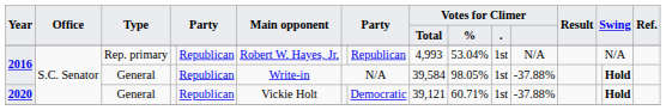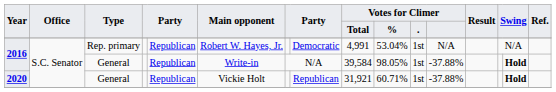 <table class="wikitable" style="font-size: 90%; text-align:center;">
 <tr>
 <th style="background-color:#EAECF0;" rowspan=2>Year</th>
 <th style="background-color:#EAECF0;" rowspan=2>Office</th>
 <th style="background-color:#EAECF0;" rowspan=2>Type</th>
 <th style="background-color:#EAECF0;" colspan=2 rowspan=2>Party</th>
 <th style="background-color:#EAECF0;" rowspan=2>Main opponent</th>
 <th style="background-color:#EAECF0;" colspan=2 rowspan=2>Party</th>
 <th style="background-color:#EAECF0;" colspan=4>Votes for Climer</th>
 <th style="background-color:#EAECF0;" rowspan=2>Result</th>
 <th style="background-color:#EAECF0;" colspan=2 rowspan=2><a href='#'>Swing</a></th>
 <th style="background-color:#EAECF0;" colspan=2 rowspan=2>Ref.</th>
 </tr>
 <tr>
 <th style="background-color:#EAECF0;">Total</th>
 <th style="background-color:#EAECF0;">%</th>
 <th style="background-color:#EAECF0;">.</th>
 <th style="background-color:#EAECF0;"></th>
 </tr>
 <tr>
 </tr>
 <tr>
 <th rowspan=2 style="background-color:#EAECF0;"><a href='#'>2016</a></th>
 <td rowspan=3>S.C. Senator</td>
 <td>Rep. primary</td>
 <td style="background-color:"></td>
 <td><a href='#'>Republican</a></td>
 <td><a href='#'>Robert W. Hayes, Jr.</a></td>
 <td style="background-color:"></td>
-<td><a href='#'>Republican</a></td>
-<td>4,993</td>
+<td><a href='#'>Democratic</a></td>
+<td>4,991</td>
 <td>53.04%</td>
 <td>1st</td>
 <td>N/A</td>
 <td></td>
 <td colspan=2>N/A</td>
 <td></td>
 </tr>
 <tr>
 <td>General</td>
 <td style="background-color:"></td>
 <td><a href='#'>Republican</a></td>
 <td><a href='#'>Write-in</a></td>
 <td colspan=2>N/A</td>
 <td>39,584</td>
 <td>98.05%</td>
 <td>1st</td>
 <td>-37.88%</td>
 <td></td>
 <td style="background-color:"></td>
 <td><strong>Hold</strong></td>
 <td></td>
 </tr>
 <tr>
 <th style="background-color:#EAECF0;"><a href='#'>2020</a></th>
 <td>General</td>
 <td style="background-color:"></td>
 <td><a href='#'>Republican</a></td>
 <td>Vickie Holt</td>
 <td style="background-color:"></td>
-<td><a href='#'>Democratic</a></td>
-<td>39,121</td>
+<td><a href='#'>Republican</a></td>
+<td>31,921</td>
 <td>60.71%</td>
 <td>1st</td>
 <td>-37.88%</td>
 <td></td>
 <td style="background-color:"></td>
 <td><strong>Hold</strong></td>
 <td></td>
 </tr>
 <tr>
 </tr>
 </table>
